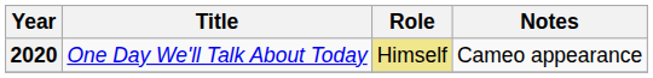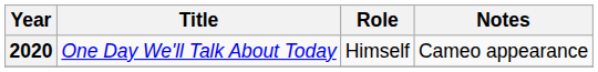 <table class="wikitable plainrowheaders sortable">
 <tr>
 <th scope="col">Year</th>
 <th scope="col">Title</th>
 <th scope="col">Role</th>
 <th scope="col" class="unsortable">Notes</th>
 </tr>
 <tr>
 <th scope="row">2020</th>
 <td><em><a href='#'>One Day We'll Talk About Today</a></em></td>
-<td style="background: khaki;">Himself</td>
+<td>Himself</td>
 <td>Cameo appearance</td>
 </tr>
 <tr>
 </tr>
 </table>
